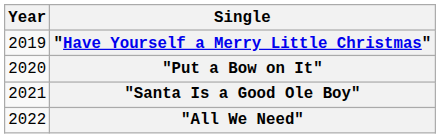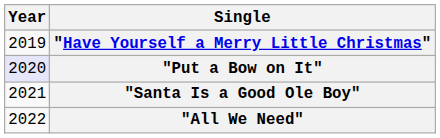 <table class="wikitable plainrowheaders">
 <tr>
 <th>Year</th>
 <th>Single</th>
 </tr>
 <tr>
 <td>2019</td>
 <th scope="row">"<a href='#'>Have Yourself a Merry Little Christmas</a>"</th>
 </tr>
 <tr>
-<td>2020</td>
+<td style="background: lavender;">2020</td>
 <th scope="row">"Put a Bow on It"</th>
 </tr>
 <tr>
 <td>2021</td>
 <th scope="row">"Santa Is a Good Ole Boy"</th>
 </tr>
 <tr>
 <td>2022</td>
 <th scope="row">"All We Need"</th>
 </tr>
 </table>
